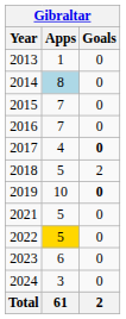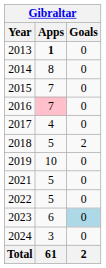 <table class="wikitable" style="text-align:center">
 <tr>
 <th colspan=3><a href='#'>Gibraltar</a></th>
 </tr>
 <tr>
 <th>Year</th>
 <th>Apps</th>
 <th>Goals</th>
 </tr>
 <tr>
 <td>2013</td>
-<td>1</td>
+<td><strong>1</strong></td>
 <td>0</td>
 </tr>
 <tr>
 <td>2014</td>
-<td style="background: lightblue;">8</td>
+<td>8</td>
 <td>0</td>
 </tr>
 <tr>
 <td>2015</td>
 <td>7</td>
 <td>0</td>
 </tr>
 <tr>
 <td>2016</td>
-<td>7</td>
+<td style="background: pink;">7</td>
 <td>0</td>
 </tr>
 <tr>
 <td>2017</td>
 <td>4</td>
-<td><strong>0</strong></td>
+<td>0</td>
 </tr>
 <tr>
 <td>2018</td>
 <td>5</td>
 <td>2</td>
 </tr>
 <tr>
 <td>2019</td>
 <td>10</td>
-<td><strong>0</strong></td>
+<td>0</td>
 </tr>
 <tr>
 <td>2021</td>
 <td>5</td>
 <td>0</td>
 </tr>
 <tr>
 <td>2022</td>
-<td style="background: gold;">5</td>
+<td>5</td>
 <td>0</td>
 </tr>
 <tr>
 <td>2023</td>
 <td>6</td>
-<td>0</td>
+<td style="background: lightblue;">0</td>
 </tr>
 <tr>
 <td>2024</td>
 <td>3</td>
 <td>0</td>
 </tr>
 <tr>
 <th>Total</th>
 <th>61</th>
 <th>2</th>
 </tr>
 </table>
